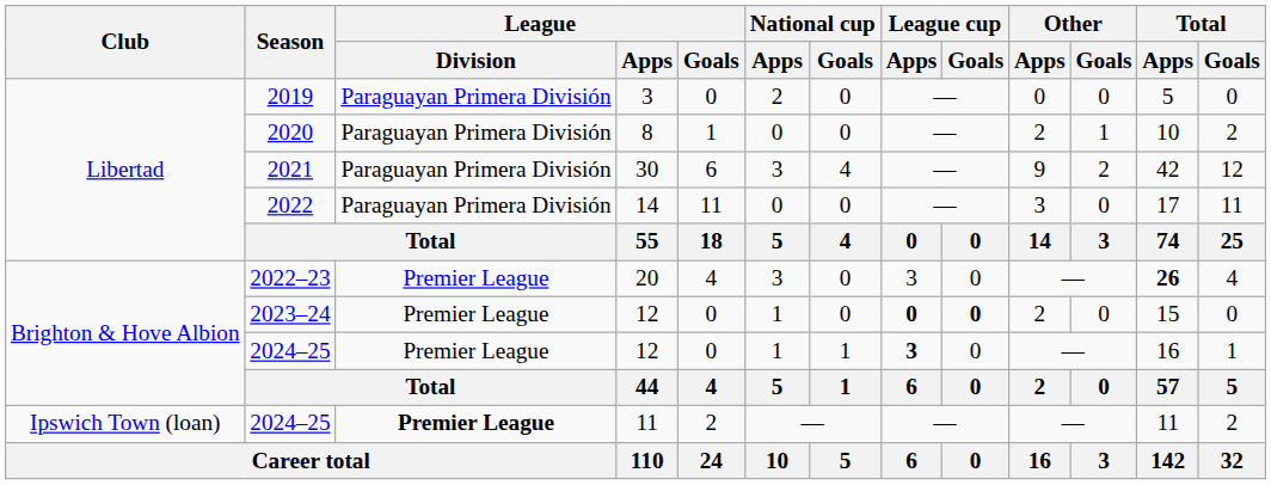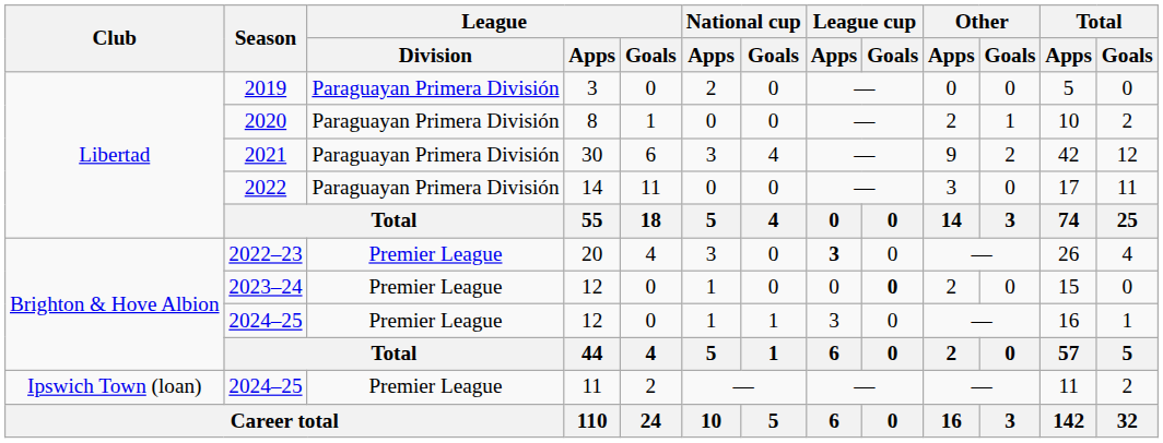 <table class=wikitable style=text-align:center>
 <tr>
 <th rowspan=2>Club</th>
 <th rowspan=2>Season</th>
 <th colspan=3>League</th>
 <th colspan=2>National cup</th>
 <th colspan=2>League cup</th>
 <th colspan=2>Other</th>
 <th colspan=2>Total</th>
 </tr>
 <tr>
 <th>Division</th>
 <th>Apps</th>
 <th>Goals</th>
 <th>Apps</th>
 <th>Goals</th>
 <th>Apps</th>
 <th>Goals</th>
 <th>Apps</th>
 <th>Goals</th>
 <th>Apps</th>
 <th>Goals</th>
 </tr>
 <tr>
 <td rowspan=5><a href='#'>Libertad</a></td>
 <td><a href='#'>2019</a></td>
 <td><a href='#'>Paraguayan Primera División</a></td>
 <td>3</td>
 <td>0</td>
 <td>2</td>
 <td>0</td>
 <td colspan=2>—</td>
 <td>0</td>
 <td>0</td>
 <td>5</td>
 <td>0</td>
 </tr>
 <tr>
 <td><a href='#'>2020</a></td>
 <td>Paraguayan Primera División</td>
 <td>8</td>
 <td>1</td>
 <td>0</td>
 <td>0</td>
 <td colspan=2>—</td>
 <td>2</td>
 <td>1</td>
 <td>10</td>
 <td>2</td>
 </tr>
 <tr>
 <td><a href='#'>2021</a></td>
 <td>Paraguayan Primera División</td>
 <td>30</td>
 <td>6</td>
 <td>3</td>
 <td>4</td>
 <td colspan=2>—</td>
 <td>9</td>
 <td>2</td>
 <td>42</td>
 <td>12</td>
 </tr>
 <tr>
 <td><a href='#'>2022</a></td>
 <td>Paraguayan Primera División</td>
 <td>14</td>
 <td>11</td>
 <td>0</td>
 <td>0</td>
 <td colspan=2>—</td>
 <td>3</td>
 <td>0</td>
 <td>17</td>
 <td>11</td>
 </tr>
 <tr>
 <th colspan=2>Total</th>
 <th>55</th>
 <th>18</th>
 <th>5</th>
 <th>4</th>
 <th>0</th>
 <th>0</th>
 <th>14</th>
 <th>3</th>
 <th>74</th>
 <th>25</th>
 </tr>
 <tr>
 <td rowspan=4><a href='#'>Brighton & Hove Albion</a></td>
 <td><a href='#'>2022–23</a></td>
 <td><a href='#'>Premier League</a></td>
 <td>20</td>
 <td>4</td>
 <td>3</td>
 <td>0</td>
-<td>3</td>
+<td><strong>3</strong></td>
 <td>0</td>
 <td colspan=2>—</td>
-<td><strong>26</strong></td>
+<td>26</td>
 <td>4</td>
 </tr>
 <tr>
 <td><a href='#'>2023–24</a></td>
 <td>Premier League</td>
 <td>12</td>
 <td>0</td>
 <td>1</td>
 <td>0</td>
-<td><strong>0</strong></td>
+<td>0</td>
 <td><strong>0</strong></td>
 <td>2</td>
 <td>0</td>
 <td>15</td>
 <td>0</td>
 </tr>
 <tr>
 <td><a href='#'>2024–25</a></td>
 <td>Premier League</td>
 <td>12</td>
 <td>0</td>
 <td>1</td>
 <td>1</td>
-<td><strong>3</strong></td>
+<td>3</td>
 <td>0</td>
 <td colspan=2>—</td>
 <td>16</td>
 <td>1</td>
 </tr>
 <tr>
 <th colspan=2>Total</th>
 <th>44</th>
 <th>4</th>
 <th>5</th>
 <th>1</th>
 <th>6</th>
 <th>0</th>
 <th>2</th>
 <th>0</th>
 <th>57</th>
 <th>5</th>
 </tr>
 <tr>
 <td><a href='#'>Ipswich Town</a> (loan)</td>
 <td><a href='#'>2024–25</a></td>
-<td><strong>Premier League</strong></td>
+<td>Premier League</td>
 <td>11</td>
 <td>2</td>
 <td colspan="2">—</td>
 <td colspan="2">—</td>
 <td colspan=2>—</td>
 <td>11</td>
 <td>2</td>
 </tr>
 <tr>
 <th colspan=3>Career total</th>
 <th>110</th>
 <th>24</th>
 <th>10</th>
 <th>5</th>
 <th>6</th>
 <th>0</th>
 <th>16</th>
 <th>3</th>
 <th>142</th>
 <th>32</th>
 </tr>
 </table>
